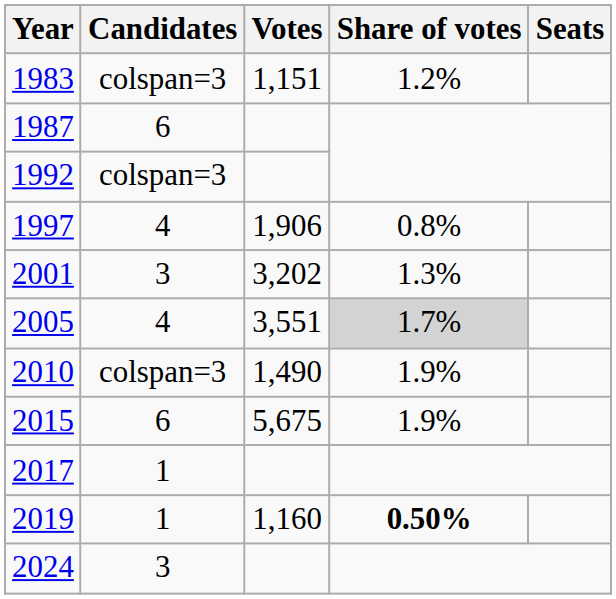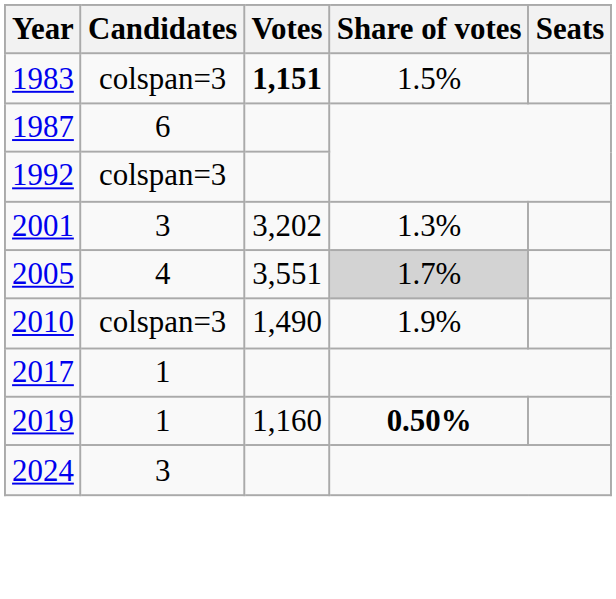 <table class="wikitable" style="text-align:center">
 <tr>
 <th>Year</th>
 <th>Candidates</th>
 <th>Votes</th>
 <th>Share of votes</th>
 <th>Seats</th>
 </tr>
 <tr>
 <td><a href='#'>1983</a></td>
 <td>colspan=3 </td>
-<td>1,151</td>
-<td>1.2%</td>
+<td><strong>1,151</strong></td>
+<td>1.5%</td>
 <td></td>
 </tr>
 <tr>
 <td><a href='#'>1987</a></td>
 <td>6</td>
 <td></td>
 </tr>
 <tr>
 <td><a href='#'>1992</a></td>
 <td>colspan=3 </td>
-<td></td>
-</tr>
-<tr>
-<td><a href='#'>1997</a></td>
-<td>4</td>
-<td>1,906</td>
-<td>0.8%</td>
 <td></td>
 </tr>
 <tr>
 <td><a href='#'>2001</a></td>
 <td>3</td>
 <td>3,202</td>
 <td>1.3%</td>
 <td></td>
 </tr>
 <tr>
 <td><a href='#'>2005</a></td>
 <td>4</td>
 <td>3,551</td>
 <td style="background: lightgrey;">1.7%</td>
 <td></td>
 </tr>
 <tr>
 <td><a href='#'>2010</a></td>
 <td>colspan=3 </td>
 <td>1,490</td>
 <td>1.9%</td>
 <td></td>
 </tr>
 <tr>
-<td><a href='#'>2015</a></td>
-<td>6</td>
-<td>5,675</td>
-<td>1.9%</td>
-<td></td>
-</tr>
-<tr>
 <td><a href='#'>2017</a></td>
 <td>1</td>
 <td></td>
 </tr>
 <tr>
 <td><a href='#'>2019</a></td>
 <td>1</td>
 <td>1,160</td>
 <td><strong>0.50%</strong></td>
 <td></td>
 </tr>
 <tr>
 <td><a href='#'>2024</a></td>
 <td>3</td>
 <td></td>
 </tr>
 </table>
